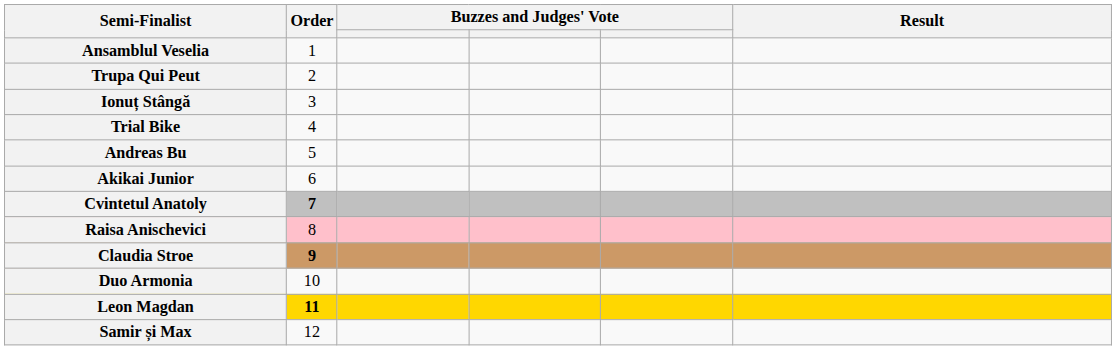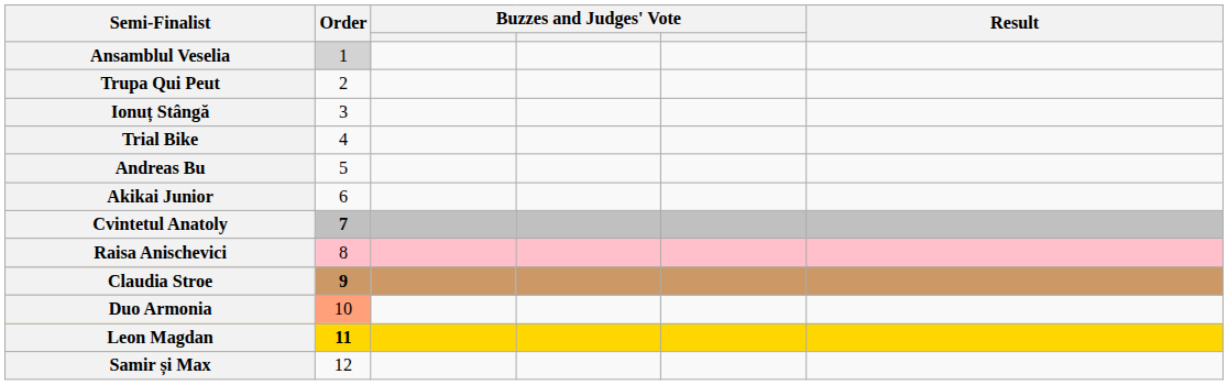 <table class="wikitable plainrowheaders sortable" style="text-align:center;">
 <tr>
 <th scope="col" rowspan=2 class="unsortable" style="width:17em;">Semi-Finalist</th>
 <th scope="col" rowspan=2 style="width:1em;">Order</th>
 <th scope="col" colspan=3 class="unsortable" style="width:24em;">Buzzes and Judges' Vote</th>
 <th scope="col" rowspan=2 style="width:23em;">Result</th>
 </tr>
 <tr>
 <th scope="col" class="unsortable" style="width:6em;"></th>
 <th scope="col" class="unsortable" style="width:6em;"></th>
 <th scope="col" class="unsortable" style="width:6em;"></th>
 </tr>
 <tr>
 <th scope="row">Ansamblul Veselia</th>
-<td>1</td>
+<td style="background: lightgrey;">1</td>
 <td style="text-align:center;"></td>
 <td style="text-align:center;"></td>
 <td style="text-align:center;"></td>
 <td></td>
 </tr>
 <tr>
 <th scope="row">Trupa Qui Peut </th>
 <td>2</td>
 <td style="text-align:center;"></td>
 <td style="text-align:center;"></td>
 <td style="text-align:center;"></td>
 <td></td>
 </tr>
 <tr>
 <th scope="row">Ionuț Stângă</th>
 <td>3</td>
 <td style="text-align:center;"></td>
 <td style="text-align:center;"></td>
 <td style="text-align:center;"></td>
 <td></td>
 </tr>
 <tr>
 <th scope="row">Trial Bike</th>
 <td>4</td>
 <td style="text-align:center;"></td>
 <td style="text-align:center;"></td>
 <td style="text-align:center;"></td>
 <td></td>
 </tr>
 <tr>
 <th scope="row">Andreas Bu</th>
 <td>5</td>
 <td style="text-align:center;"></td>
 <td style="text-align:center;"></td>
 <td style="text-align:center;"></td>
 <td></td>
 </tr>
 <tr>
 <th scope="row">Akikai Junior</th>
 <td>6</td>
 <td style="text-align:center;"></td>
 <td style="text-align:center;"></td>
 <td style="text-align:center;"></td>
 <td></td>
 </tr>
 <tr style="background:silver;">
 <th scope="row"><strong>Cvintetul Anatoly</strong></th>
 <td><strong>7</strong></td>
 <td style="text-align:center;"></td>
 <td style="text-align:center;"></td>
 <td style="text-align:center;"></td>
 <td><strong></strong></td>
 </tr>
 <tr style="background:pink;">
 <th scope="row">Raisa Anischevici</th>
 <td>8</td>
 <td style="text-align:center;"></td>
 <td style="text-align:center;"></td>
 <td style="text-align:center;"></td>
 <td><strong></strong></td>
 </tr>
 <tr style="background:#c96;">
 <th scope="row"><strong>Claudia Stroe</strong></th>
 <td><strong>9</strong></td>
 <td style="text-align:center;"></td>
 <td style="text-align:center;"></td>
 <td style="text-align:center;"></td>
 <td><strong></strong></td>
 </tr>
 <tr>
 <th scope="row">Duo Armonia</th>
-<td>10</td>
+<td style="background: lightsalmon;">10</td>
 <td style="text-align:center;"></td>
 <td style="text-align:center;"></td>
 <td style="text-align:center;"></td>
 <td></td>
 </tr>
 <tr style="background:gold;">
 <th scope="row"><strong>Leon Magdan</strong></th>
 <td><strong>11</strong></td>
 <td style="text-align:center;"></td>
 <td style="text-align:center;"></td>
 <td style="text-align:center;"></td>
 <td><strong></strong></td>
 </tr>
 <tr>
 <th scope="row">Samir și Max</th>
 <td>12</td>
 <td style="text-align:center;"></td>
 <td style="text-align:center;"></td>
 <td style="text-align:center;"></td>
 <td></td>
 </tr>
 </table>
